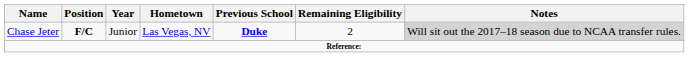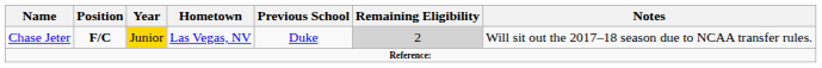 <table class="wikitable" style="text-align: center">
 <tr align=center>
 <th>Name</th>
 <th>Position</th>
 <th>Year</th>
 <th>Hometown</th>
 <th>Previous School</th>
 <th>Remaining Eligibility</th>
 <th>Notes</th>
 </tr>
 <tr>
 <td><a href='#'>Chase Jeter</a></td>
 <td><strong>F/C</strong></td>
-<td>Junior</td>
+<td style="background: gold;">Junior</td>
 <td><a href='#'>Las Vegas, NV</a></td>
-<td><strong><a href='#'>Duke</a></strong></td>
-<td>2</td>
-<td style="background: lightgrey;">Will sit out the 2017–18 season due to NCAA transfer rules.</td>
+<td><a href='#'>Duke</a></td>
+<td style="background: lightgrey;">2</td>
+<td>Will sit out the 2017–18 season due to NCAA transfer rules.</td>
 </tr>
 <tr>
 <td colspan="7" style="font-size:8pt; text-align:center;"><strong>Reference:</strong></td>
 </tr>
 </table>
